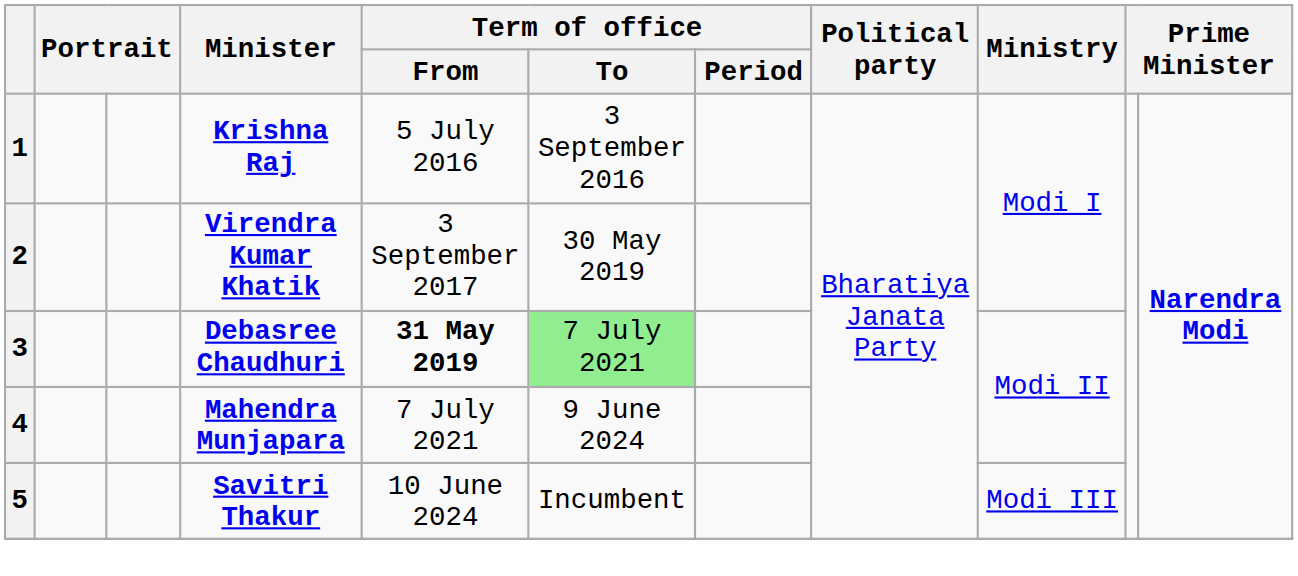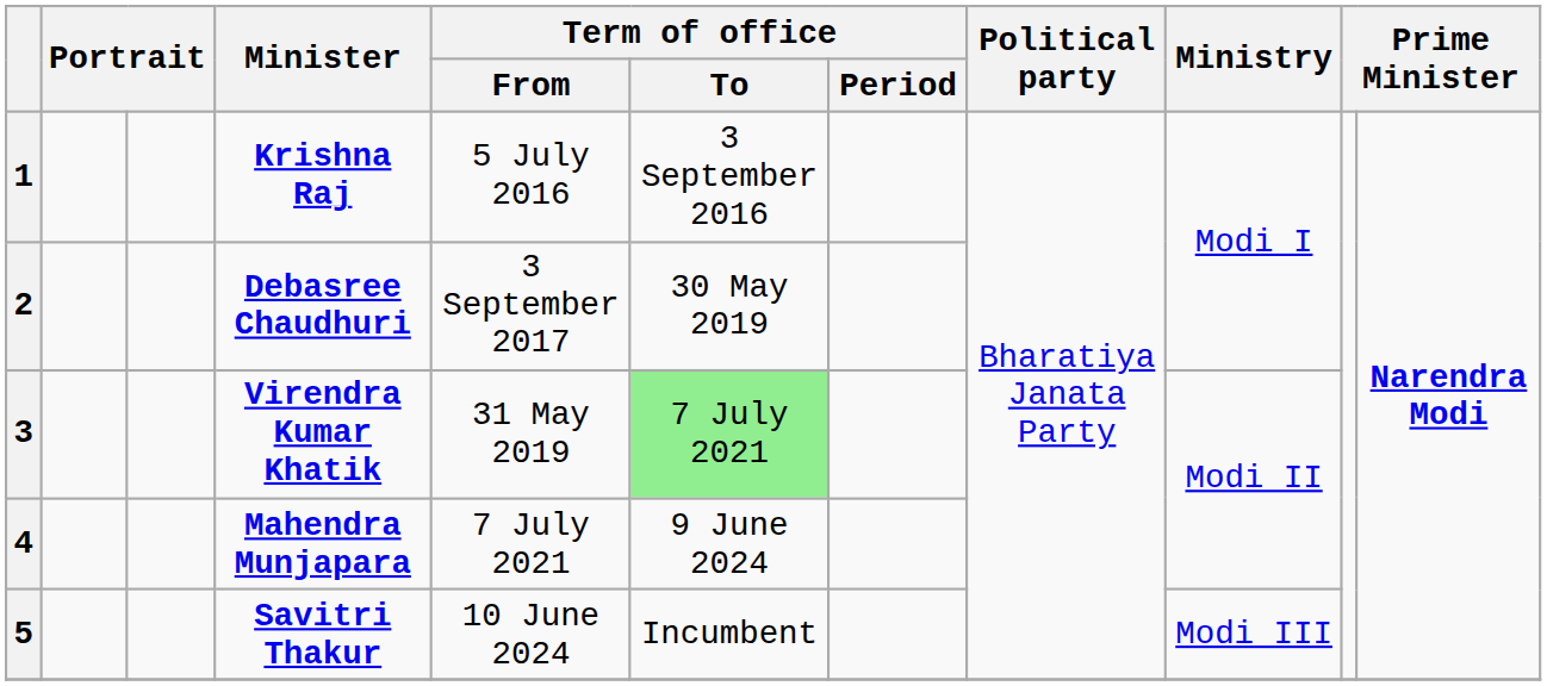 <table class="wikitable" style="text-align:center">
 <tr>
 <th rowspan="2"></th>
 <th rowspan="2" colspan="2">Portrait</th>
 <th rowspan="2" style="width:16em">Minister<br></th>
 <th colspan="3">Term of office</th>
 <th rowspan="2" style="width:8em">Political party</th>
 <th rowspan="2" style="width:6em">Ministry</th>
 <th rowspan="2" colspan="2">Prime Minister</th>
 </tr>
 <tr>
 <th style="width:8em">From</th>
 <th style="width:8em">To</th>
 <th style="width:6em">Period</th>
 </tr>
 <tr>
 <th>1</th>
 <td></td>
 <td></td>
 <td><strong><a href='#'>Krishna Raj</a></strong><br></td>
 <td>5 July<br>2016</td>
 <td>3 September<br>2016</td>
 <td><strong></strong></td>
 <td rowspan="5"><a href='#'>Bharatiya Janata Party</a></td>
 <td rowspan="2"><a href='#'>Modi I</a></td>
 <td rowspan="5"></td>
 <td rowspan="5" style="width:9em"><strong><a href='#'>Narendra Modi</a></strong></td>
 </tr>
 <tr>
 <th>2</th>
 <td></td>
 <td></td>
-<td><strong><a href='#'>Virendra Kumar Khatik</a></strong><br></td>
+<td><strong><a href='#'>Debasree Chaudhuri</a></strong><br></td>
 <td>3 September<br>2017</td>
 <td>30 May<br>2019</td>
 <td><strong></strong></td>
 </tr>
 <tr>
 <th>3</th>
 <td></td>
 <td></td>
-<td><strong><a href='#'>Debasree Chaudhuri</a></strong><br></td>
-<td><strong>31 May<br>2019</strong></td>
+<td><strong><a href='#'>Virendra Kumar Khatik</a></strong><br></td>
+<td>31 May<br>2019</td>
 <td style="background: lightgreen;">7 July<br>2021</td>
 <td><strong></strong></td>
 <td rowspan="2"><a href='#'>Modi II</a></td>
 </tr>
 <tr>
 <th>4</th>
 <td></td>
 <td></td>
 <td><strong><a href='#'>Mahendra Munjapara</a></strong><br></td>
 <td>7 July<br>2021</td>
 <td>9 June<br>2024</td>
 <td><strong></strong></td>
 </tr>
 <tr>
 <th>5</th>
 <td></td>
 <td></td>
 <td><strong><a href='#'>Savitri Thakur</a></strong><br></td>
 <td>10 June<br>2024</td>
 <td>Incumbent</td>
 <td><strong></strong></td>
 <td><a href='#'>Modi III</a></td>
 </tr>
 <tr>
 </tr>
 </table>
